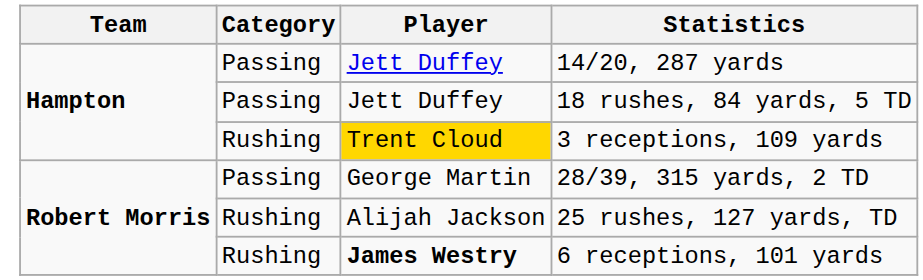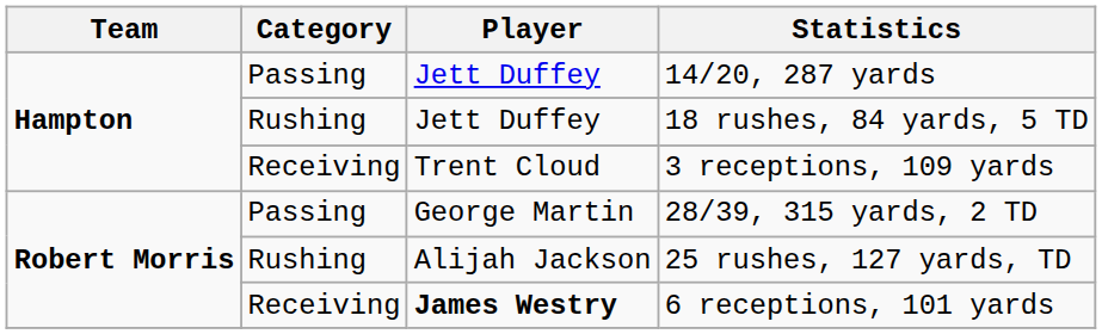 <table class="wikitable" style="float: right;">
 <tr>
 <th>Team</th>
 <th>Category</th>
 <th>Player</th>
 <th>Statistics</th>
 </tr>
 <tr>
 <td rowspan=3><strong>Hampton</strong></td>
 <td>Passing</td>
 <td><a href='#'>Jett Duffey</a></td>
 <td>14/20, 287 yards</td>
 </tr>
 <tr>
-<td>Passing</td>
+<td>Rushing</td>
 <td>Jett Duffey</td>
 <td>18 rushes, 84 yards, 5 TD</td>
 </tr>
 <tr>
-<td>Rushing</td>
-<td style="background: gold;">Trent Cloud</td>
+<td>Receiving</td>
+<td>Trent Cloud</td>
 <td>3 receptions, 109 yards</td>
 </tr>
 <tr>
 <td rowspan=3><strong>Robert Morris</strong></td>
 <td>Passing</td>
 <td>George Martin</td>
 <td>28/39, 315 yards, 2 TD</td>
 </tr>
 <tr>
 <td>Rushing</td>
 <td>Alijah Jackson</td>
 <td>25 rushes, 127 yards, TD</td>
 </tr>
 <tr>
-<td>Rushing</td>
+<td>Receiving</td>
 <td><strong>James Westry</strong></td>
 <td>6 receptions, 101 yards</td>
 </tr>
 </table>
